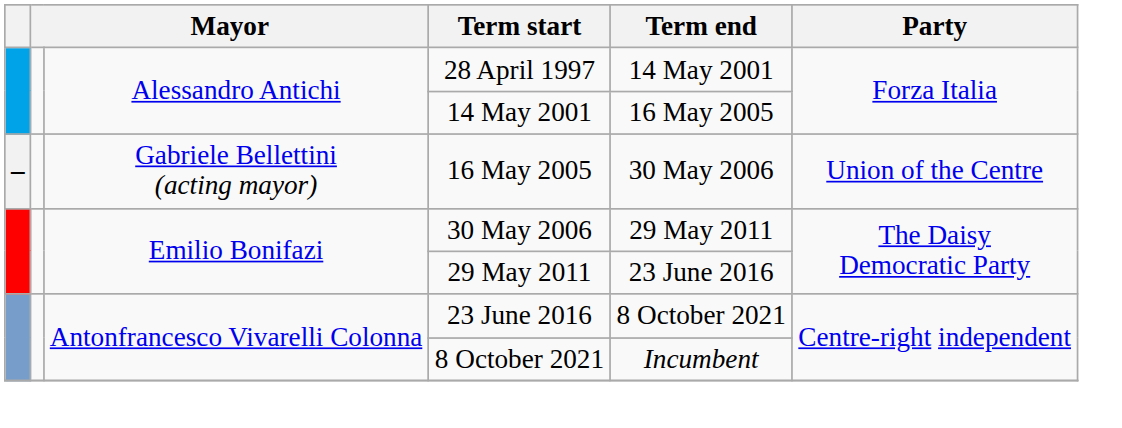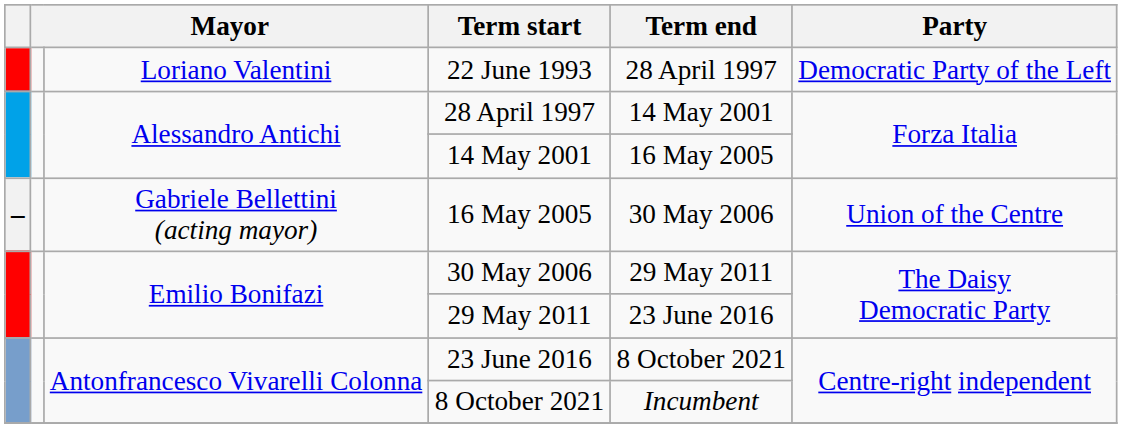 <table class="wikitable" style="text-align: center;">
 <tr>
 <th class=unsortable> </th>
 <th colspan=2>Mayor</th>
 <th>Term start</th>
 <th>Term end</th>
 <th>Party</th>
+</tr>
+<tr>
+<th style="background:#FF0000;"></th>
+<td></td>
+<td><a href='#'>Loriano Valentini</a></td>
+<td>22 June 1993</td>
+<td>28 April 1997</td>
+<td><a href='#'>Democratic Party of the Left</a></td>
 </tr>
 <tr>
 <th rowspan=2 style="background:#00A2E8;"></th>
 <td rowspan=2></td>
 <td rowspan=2><a href='#'>Alessandro Antichi</a></td>
 <td>28 April 1997</td>
 <td>14 May 2001</td>
 <td rowspan=2><a href='#'>Forza Italia</a></td>
 </tr>
 <tr>
 <td>14 May 2001</td>
 <td>16 May 2005</td>
 </tr>
 <tr>
 <th style="background:">–</th>
 <td></td>
 <td><a href='#'>Gabriele Bellettini</a><br><em>(acting mayor)</em></td>
 <td>16 May 2005</td>
 <td>30 May 2006</td>
 <td><a href='#'>Union of the Centre</a></td>
 </tr>
 <tr>
 <th rowspan=2 style="background:#FF0000;"></th>
 <td rowspan=2></td>
 <td rowspan=2><a href='#'>Emilio Bonifazi</a></td>
 <td>30 May 2006</td>
 <td>29 May 2011</td>
 <td rowspan=2><a href='#'>The Daisy</a><br><a href='#'>Democratic Party</a></td>
 </tr>
 <tr>
 <td>29 May 2011</td>
 <td>23 June 2016</td>
 </tr>
 <tr>
 <th rowspan=2 style="background:#779ECB;"></th>
 <td rowspan=2></td>
 <td rowspan=2><a href='#'>Antonfrancesco Vivarelli Colonna</a></td>
 <td>23 June 2016</td>
 <td>8 October 2021</td>
 <td rowspan=2><a href='#'>Centre-right</a> <a href='#'>independent</a></td>
 </tr>
 <tr>
 <td>8 October 2021</td>
 <td><em>Incumbent</em></td>
 </tr>
 <tr>
 </tr>
 </table>
